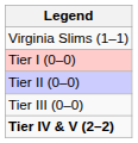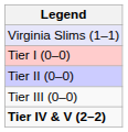 <table class="wikitable sortable mw-collapsible mw-collapsed">
 <tr>
 <th>Legend</th>
 </tr>
 <tr>
-<td>Virginia Slims (1–1)</td>
+<td style="background: lavender;">Virginia Slims (1–1)</td>
 </tr>
 <tr>
 <td style="background:#fcc;">Tier I (0–0)</td>
 </tr>
 <tr>
 <td style="background:#ccf;">Tier II (0–0)</td>
 </tr>
 <tr>
 <td style="background:cfc;">Tier III (0–0)</td>
 </tr>
 <tr>
 <td style="background:6cf;"><strong>Tier IV & V (2–2)</strong></td>
 </tr>
 </table>
